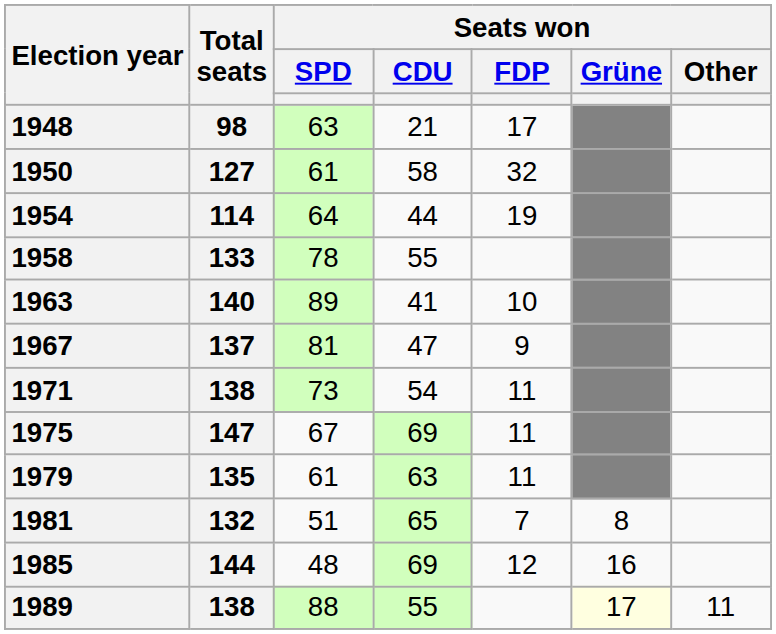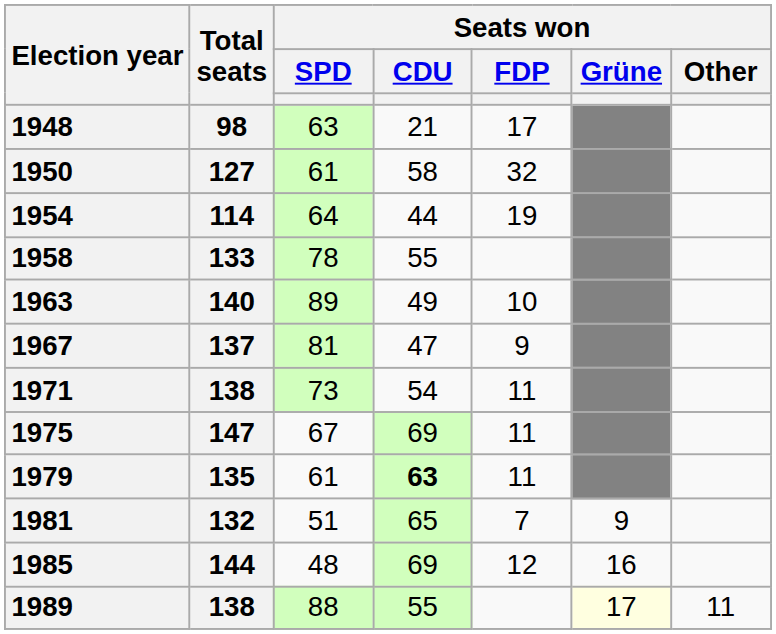 <table class="wikitable" style="text-align:center; font-size: 0.9em;">
 <tr>
 <th rowspan="3">Election year</th>
 <th rowspan="3">Total<br>seats</th>
 <th colspan="7">Seats won</th>
 </tr>
 <tr>
 <th class="unsortable" style="width:45px;"><a href='#'>SPD</a></th>
 <th class="unsortable" style="width:45px;"><a href='#'>CDU</a></th>
 <th class="unsortable" style="width:45px;"><a href='#'>FDP</a></th>
 <th class="unsortable" style="width:45px;"><a href='#'>Grüne</a></th>
 <th class="unsortable" style="width:45px;">Other</th>
 </tr>
 <tr>
 <th style="background:"></th>
 <th style="background:"></th>
 <th style="background:"></th>
 <th style="background:"></th>
 <th style="background:"></th>
 </tr>
 <tr>
 <th style="text-align: left;">1948</th>
 <th>98</th>
 <td style="background:#d1ffbd;">63</td>
 <td>21</td>
 <td>17</td>
 <td style="background:#828282;"></td>
 <td></td>
 </tr>
 <tr>
 <th style="text-align: left;">1950</th>
 <th>127</th>
 <td style="background:#d1ffbd;">61</td>
 <td>58</td>
 <td>32</td>
 <td style="background:#828282;"></td>
 <td></td>
 </tr>
 <tr>
 <th style="text-align: left;">1954</th>
 <th>114</th>
 <td style="background:#d1ffbd;">64</td>
 <td>44</td>
 <td>19</td>
 <td style="background:#828282;"></td>
 <td></td>
 </tr>
 <tr>
 <th style="text-align: left;">1958</th>
 <th>133</th>
 <td style="background:#d1ffbd;">78</td>
 <td>55</td>
 <td></td>
 <td style="background:#828282;"></td>
 <td></td>
 </tr>
 <tr>
 <th style="text-align: left;">1963</th>
 <th>140</th>
 <td style="background:#d1ffbd;">89</td>
-<td>41</td>
+<td>49</td>
 <td>10</td>
 <td style="background:#828282;"></td>
 <td></td>
 </tr>
 <tr>
 <th style="text-align: left;">1967</th>
 <th>137</th>
 <td style="background:#d1ffbd;">81</td>
 <td>47</td>
 <td>9</td>
 <td style="background:#828282;"></td>
 <td></td>
 </tr>
 <tr>
 <th style="text-align: left;">1971</th>
 <th>138</th>
 <td style="background:#d1ffbd;">73</td>
 <td>54</td>
 <td>11</td>
 <td style="background:#828282;"></td>
 <td></td>
 </tr>
 <tr>
 <th style="text-align: left;">1975</th>
 <th>147</th>
 <td>67</td>
 <td style="background:#d1ffbd;">69</td>
 <td>11</td>
 <td style="background:#828282;"></td>
 <td></td>
 </tr>
 <tr>
 <th style="text-align: left;">1979</th>
 <th>135</th>
 <td>61</td>
-<td style="background:#d1ffbd;">63</td>
+<td style="background:#d1ffbd;"><strong>63</strong></td>
 <td>11</td>
 <td style="background:#828282;"></td>
 <td></td>
 </tr>
 <tr>
 <th style="text-align: left;">1981</th>
 <th>132</th>
 <td>51</td>
 <td style="background:#d1ffbd;">65</td>
 <td>7</td>
-<td>8</td>
+<td>9</td>
 <td></td>
 </tr>
 <tr>
 <th style="text-align: left;">1985</th>
 <th>144</th>
 <td>48</td>
 <td style="background:#d1ffbd;">69</td>
 <td>12</td>
 <td>16</td>
 <td></td>
 </tr>
 <tr>
 <th style="text-align: left;">1989</th>
 <th>138</th>
 <td style="background:#d1ffbd;">88</td>
 <td style="background:#d1ffbd;">55</td>
 <td></td>
 <td style="background: lightyellow;">17</td>
 <td>11 </td>
 </tr>
 </table>
